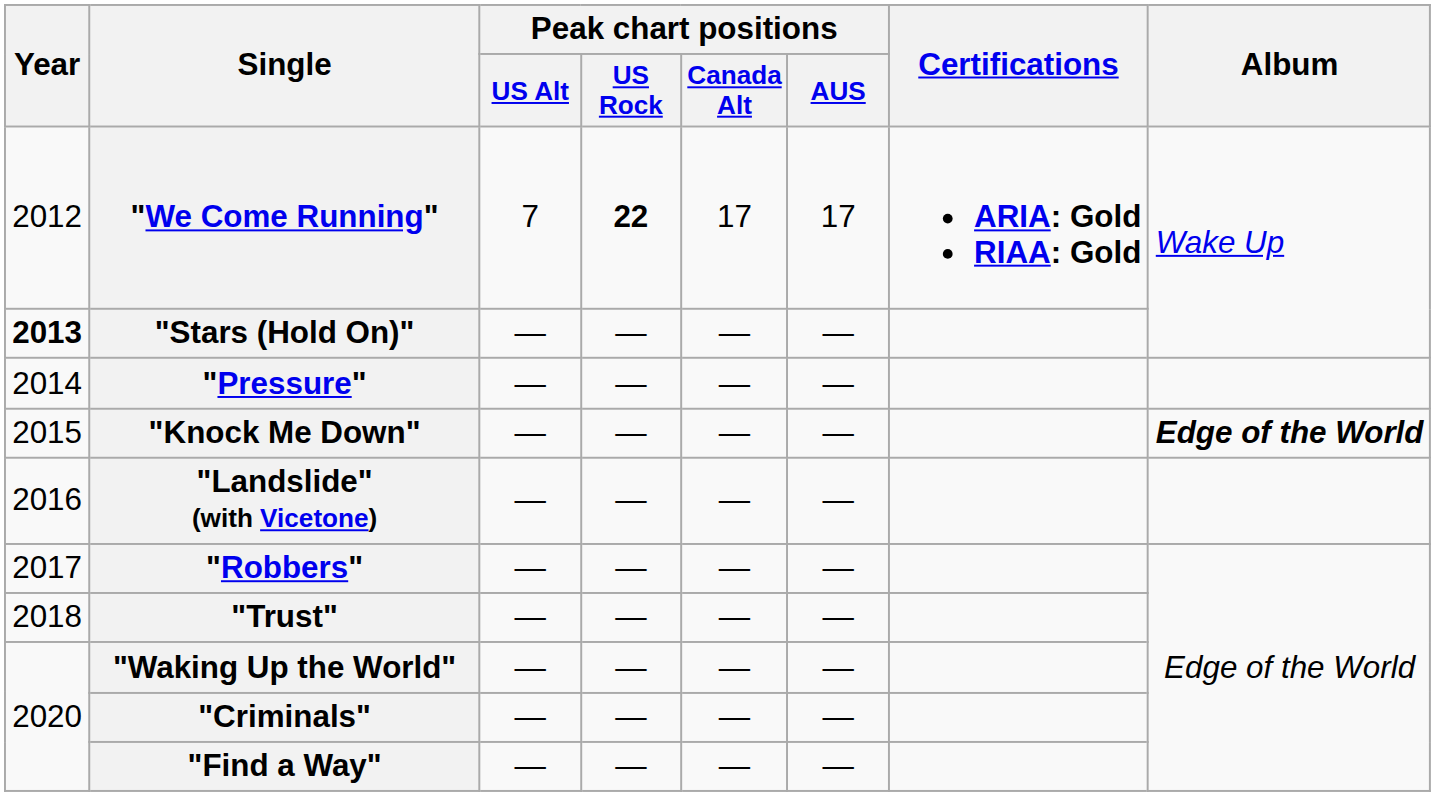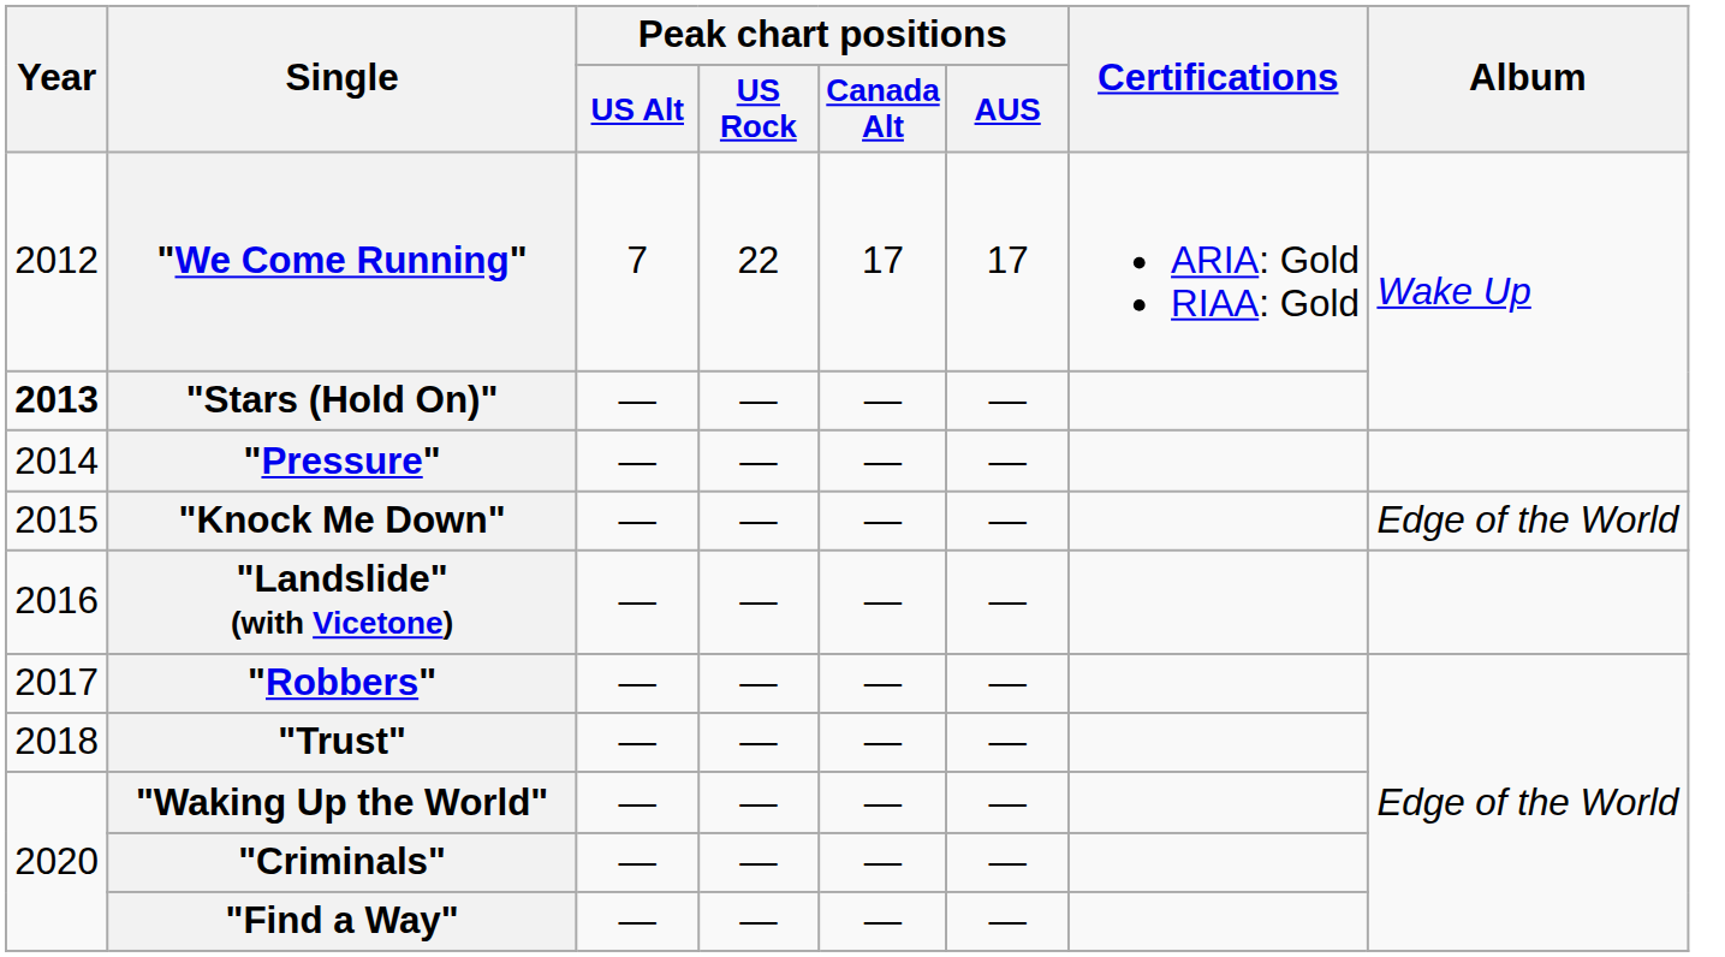 <table class="wikitable plainrowheaders" style="text-align:center;">
 <tr>
 <th rowspan="2">Year</th>
 <th rowspan="2" style="width:12em;">Single</th>
 <th colspan="4">Peak chart positions</th>
 <th rowspan="2"><a href='#'>Certifications</a></th>
 <th rowspan="2">Album</th>
 </tr>
 <tr style="font-size:smaller;">
 <th style="width:45px;"><a href='#'>US Alt</a><br></th>
 <th style="width:45px;"><a href='#'>US Rock</a><br></th>
 <th style="width:45px;"><a href='#'>Canada Alt</a><br></th>
 <th style="width:45px;"><a href='#'>AUS</a></th>
 </tr>
 <tr>
 <td>2012</td>
 <th scope="row">"<a href='#'>We Come Running</a>"</th>
 <td>7</td>
-<td><strong>22</strong></td>
+<td>22</td>
 <td>17</td>
 <td>17</td>
-<td><strong><br><ul><li><a href='#'>ARIA</a>: Gold</li><li><a href='#'>RIAA</a>: Gold</li></ul></strong></td>
+<td><br><ul><li><a href='#'>ARIA</a>: Gold</li><li><a href='#'>RIAA</a>: Gold</li></ul></td>
 <td style="text-align:left;" rowspan="2"><em><a href='#'>Wake Up</a></em></td>
 </tr>
 <tr>
 <td><strong>2013</strong></td>
 <th scope="row">"Stars (Hold On)"</th>
 <td>—</td>
 <td>—</td>
 <td>—</td>
 <td>—</td>
 <td></td>
 </tr>
 <tr>
 <td>2014</td>
 <th scope="row">"<a href='#'>Pressure</a>"</th>
 <td>—</td>
 <td>—</td>
 <td>—</td>
 <td>—</td>
 <td></td>
 <td></td>
 </tr>
 <tr>
 <td>2015</td>
 <th scope="row">"Knock Me Down"</th>
 <td>—</td>
 <td>—</td>
 <td>—</td>
 <td>—</td>
 <td></td>
-<td><strong><em>Edge of the World</em></strong></td>
+<td><em>Edge of the World</em></td>
 </tr>
 <tr>
 <td>2016</td>
 <th scope="row">"Landslide"<br><small>(with <a href='#'>Vicetone</a>)</small></th>
 <td>—</td>
 <td>—</td>
 <td>—</td>
 <td>—</td>
 <td></td>
 <td></td>
 </tr>
 <tr>
 <td>2017</td>
 <th scope="row">"<a href='#'>Robbers</a>"</th>
 <td>—</td>
 <td>—</td>
 <td>—</td>
 <td>—</td>
 <td></td>
 <td rowspan="5"><em>Edge of the World</em></td>
 </tr>
 <tr>
 <td>2018</td>
 <th scope="row">"Trust"</th>
 <td>—</td>
 <td>—</td>
 <td>—</td>
 <td>—</td>
 <td></td>
 </tr>
 <tr>
 <td rowspan="3">2020</td>
 <th scope="row">"Waking Up the World"</th>
 <td>—</td>
 <td>—</td>
 <td>—</td>
 <td>—</td>
 <td></td>
 </tr>
 <tr>
 <th scope="row">"Criminals"</th>
 <td>—</td>
 <td>—</td>
 <td>—</td>
 <td>—</td>
 <td></td>
 </tr>
 <tr>
 <th scope="row">"Find a Way"</th>
 <td>—</td>
 <td>—</td>
 <td>—</td>
 <td>—</td>
 <td></td>
 </tr>
 </table>
